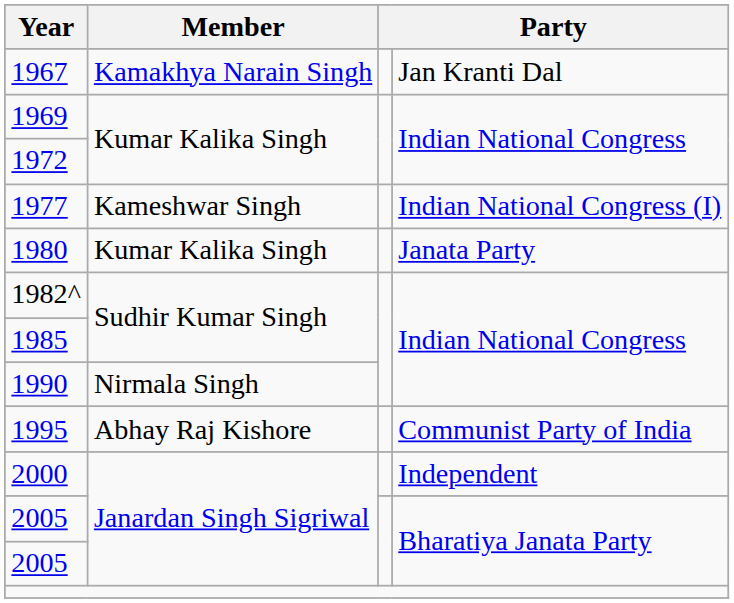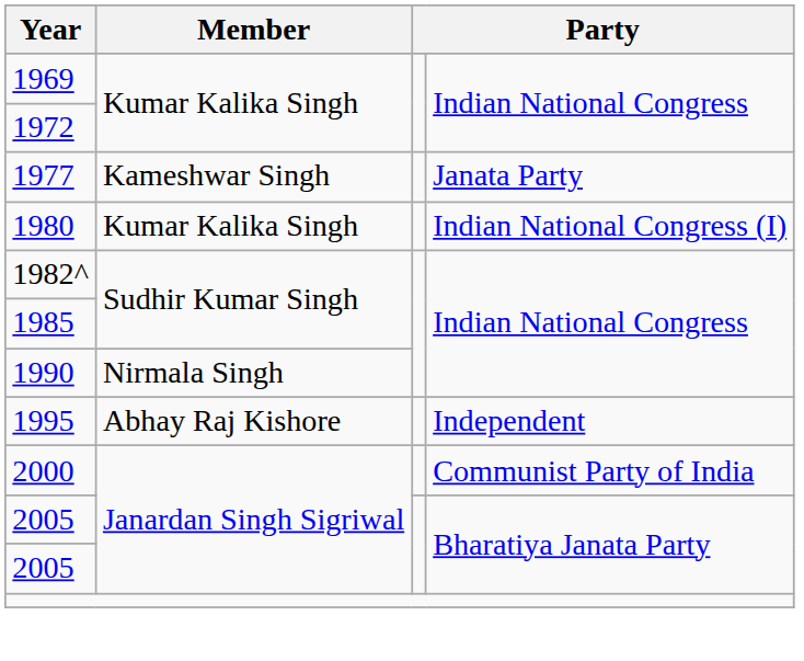 <table class="wikitable">
 <tr>
 <th>Year</th>
 <th>Member</th>
 <th colspan="2">Party</th>
-</tr>
-<tr>
-<td><a href='#'>1967</a></td>
-<td><a href='#'>Kamakhya Narain Singh</a></td>
-<td style="background-color:"></td>
-<td>Jan Kranti Dal</td>
 </tr>
 <tr>
 <td><a href='#'>1969</a></td>
 <td rowspan="2">Kumar Kalika Singh</td>
 <td rowspan="2" style="background-color:"></td>
 <td rowspan="2"><a href='#'>Indian National Congress</a></td>
 </tr>
 <tr>
 <td><a href='#'>1972</a></td>
 </tr>
 <tr>
 <td><a href='#'>1977</a></td>
 <td>Kameshwar Singh</td>
 <td style="background-color:"></td>
-<td><a href='#'>Indian National Congress (I)</a></td>
+<td><a href='#'>Janata Party</a></td>
 </tr>
 <tr>
 <td><a href='#'>1980</a></td>
 <td>Kumar Kalika Singh</td>
 <td style="background-color:"></td>
-<td><a href='#'>Janata Party</a></td>
+<td><a href='#'>Indian National Congress (I)</a></td>
 </tr>
 <tr>
 <td>1982^</td>
 <td rowspan="2">Sudhir Kumar Singh</td>
 <td rowspan="3" style="background-color:"></td>
 <td rowspan="3"><a href='#'>Indian National Congress</a></td>
 </tr>
 <tr>
 <td><a href='#'>1985</a></td>
 </tr>
 <tr>
 <td><a href='#'>1990</a></td>
 <td>Nirmala Singh</td>
 </tr>
 <tr>
 <td><a href='#'>1995</a></td>
 <td>Abhay Raj Kishore</td>
 <td style="background-color:"></td>
-<td><a href='#'>Communist Party of India</a></td>
+<td><a href='#'>Independent</a></td>
 </tr>
 <tr>
 <td><a href='#'>2000</a></td>
 <td rowspan="3"><a href='#'>Janardan Singh Sigriwal</a></td>
 <td style="background-color:"></td>
-<td><a href='#'>Independent</a></td>
+<td><a href='#'>Communist Party of India</a></td>
 </tr>
 <tr>
 <td><a href='#'>2005</a></td>
 <td rowspan="2" style="background-color:"></td>
 <td rowspan="2"><a href='#'>Bharatiya Janata Party</a></td>
 </tr>
 <tr>
 <td><a href='#'>2005</a></td>
 </tr>
 <tr>
 <td colspan="4"></td>
 </tr>
 </table>
